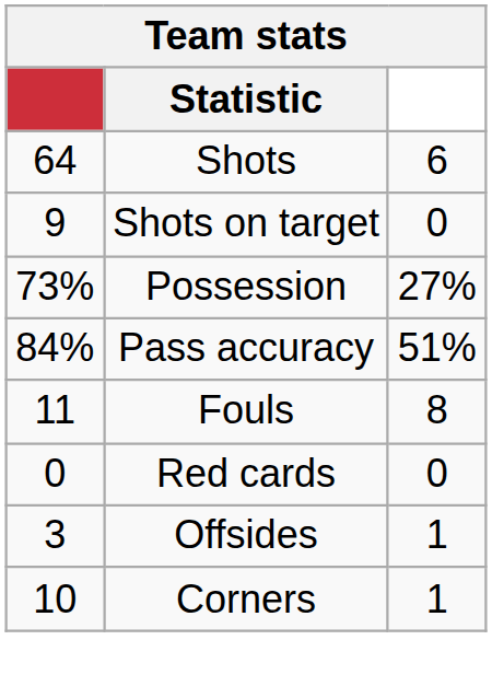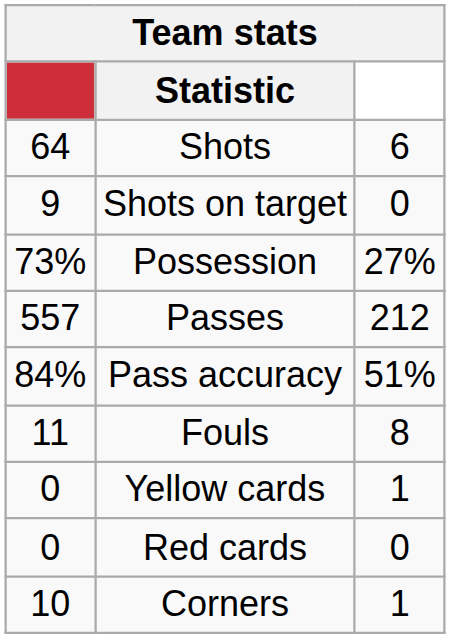 <table class="wikitable" style="margin-left: auto; margin-right: auto; border: none; text-align:center;">
 <tr>
 <th colspan=3>Team stats</th>
 </tr>
 <tr>
 <th style="background: #CD2E3A; color: #FFFFFF;"> <a href='#'></a></th>
 <th>Statistic</th>
 <th style="background: #FFFFFF; color: #da251d;"> <a href='#'></a></th>
 </tr>
 <tr>
 <td>64</td>
 <td>Shots</td>
 <td>6</td>
 </tr>
 <tr>
 <td>9</td>
 <td>Shots on target</td>
 <td>0</td>
 </tr>
 <tr>
 <td>73%</td>
 <td>Possession</td>
 <td>27%</td>
 </tr>
 <tr>
+<td>557</td>
+<td>Passes</td>
+<td>212</td>
+</tr>
+<tr>
 <td>84%</td>
 <td>Pass accuracy</td>
 <td>51%</td>
 </tr>
 <tr>
 <td>11</td>
 <td>Fouls</td>
 <td>8</td>
 </tr>
 <tr>
 <td>0</td>
+<td>Yellow cards</td>
+<td>1</td>
+</tr>
+<tr>
+<td>0</td>
 <td>Red cards</td>
 <td>0</td>
-</tr>
-<tr>
-<td>3</td>
-<td>Offsides</td>
-<td>1</td>
 </tr>
 <tr>
 <td>10</td>
 <td>Corners</td>
 <td>1</td>
 </tr>
 </table>
